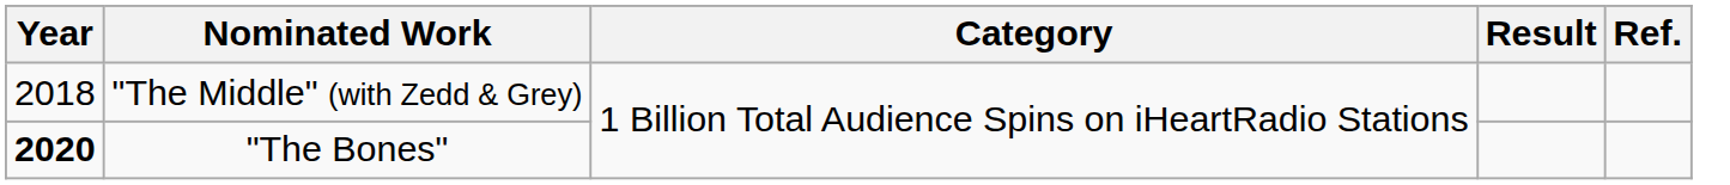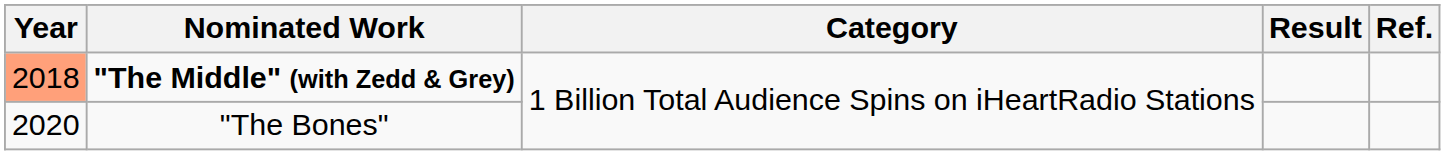 <table class="wikitable" style="text-align:center;">
 <tr>
 <th>Year</th>
 <th>Nominated Work</th>
 <th>Category</th>
 <th>Result</th>
 <th>Ref.</th>
 </tr>
 <tr>
-<td>2018</td>
-<td>"The Middle" <small>(with Zedd & Grey)</small></td>
+<td style="background: lightsalmon;">2018</td>
+<td><strong>"The Middle" <small>(with Zedd & Grey)</small></strong></td>
 <td rowspan="2">1 Billion Total Audience Spins on iHeartRadio Stations</td>
 <td></td>
 <td></td>
 </tr>
 <tr>
-<td><strong>2020</strong></td>
+<td>2020</td>
 <td>"The Bones"</td>
 <td></td>
 <td></td>
 </tr>
 </table>
